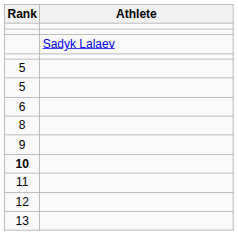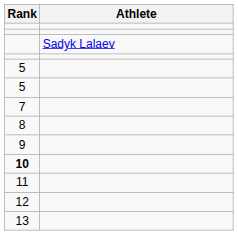 <table class="wikitable" style="text-align: center;">
 <tr>
 <th width=40>Rank</th>
 <th width=250>Athlete</th>
 </tr>
 <tr>
 <td></td>
 <td align="left"></td>
 </tr>
 <tr>
 <td></td>
 <td align="left"></td>
 </tr>
 <tr>
 <td></td>
 <td align="left"> <a href='#'>Sadyk Lalaev</a> </td>
 </tr>
 <tr>
 <td></td>
 <td align="left"></td>
 </tr>
 <tr>
 <td>5</td>
 <td align="left"></td>
 </tr>
 <tr>
 <td>5</td>
 <td align="left"></td>
 </tr>
 <tr>
-<td>6</td>
+<td>7</td>
 <td align="left"></td>
 </tr>
 <tr>
 <td>8</td>
 <td align="left"></td>
 </tr>
 <tr>
 <td>9</td>
 <td align="left"></td>
 </tr>
 <tr>
 <td><strong>10</strong></td>
 <td align="left"></td>
 </tr>
 <tr>
 <td>11</td>
 <td align="left"></td>
 </tr>
 <tr>
 <td>12</td>
 <td align="left"></td>
 </tr>
 <tr>
 <td>13</td>
 <td align="left"></td>
 </tr>
 </table>
